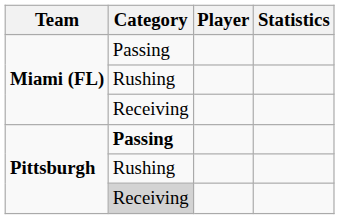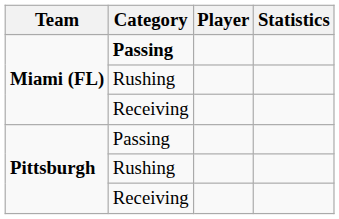 <table class="wikitable" style="float: right;">
 <tr>
 <th>Team</th>
 <th>Category</th>
 <th>Player</th>
 <th>Statistics</th>
 </tr>
 <tr>
 <td rowspan=3><strong>Miami (FL)</strong></td>
-<td>Passing</td>
+<td><strong>Passing</strong></td>
 <td></td>
 <td></td>
 </tr>
 <tr>
 <td>Rushing</td>
 <td></td>
 <td></td>
 </tr>
 <tr>
 <td>Receiving</td>
 <td></td>
 <td></td>
 </tr>
 <tr>
 <td rowspan=3><strong>Pittsburgh</strong></td>
-<td><strong>Passing</strong></td>
+<td>Passing</td>
 <td></td>
 <td></td>
 </tr>
 <tr>
 <td>Rushing</td>
 <td></td>
 <td></td>
 </tr>
 <tr>
-<td style="background: lightgrey;">Receiving</td>
+<td>Receiving</td>
 <td></td>
 <td></td>
 </tr>
 </table>
